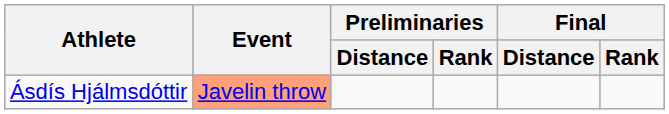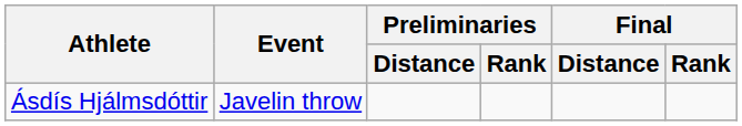 <table class=wikitable style="font-size:90%;">
 <tr>
 <th rowspan=2>Athlete</th>
 <th rowspan=2>Event</th>
 <th colspan=2>Preliminaries</th>
 <th colspan=2>Final</th>
 </tr>
 <tr>
 <th>Distance</th>
 <th>Rank</th>
 <th>Distance</th>
 <th>Rank</th>
 </tr>
 <tr>
 <td><a href='#'>Ásdís Hjálmsdóttir</a></td>
-<td style="background: lightsalmon;"><a href='#'>Javelin throw</a></td>
+<td><a href='#'>Javelin throw</a></td>
 <td align=center></td>
 <td align=center></td>
 <td align=center></td>
 <td align=center></td>
 </tr>
 </table>
